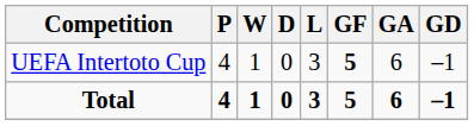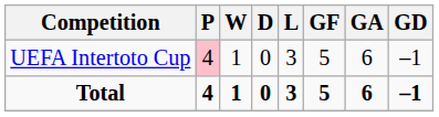 <table class="wikitable sortable" style="text-align:center">
 <tr>
 <th>Competition</th>
 <th>P</th>
 <th>W</th>
 <th>D</th>
 <th>L</th>
 <th>GF</th>
 <th>GA</th>
 <th>GD</th>
 </tr>
 <tr>
 <td><a href='#'>UEFA Intertoto Cup</a></td>
-<td>4</td>
+<td style="background: pink;">4</td>
 <td>1</td>
 <td>0</td>
 <td>3</td>
-<td><strong>5</strong></td>
+<td>5</td>
 <td>6</td>
 <td>–1</td>
 </tr>
 <tr>
 <td><strong>Total</strong></td>
 <td><strong>4</strong></td>
 <td><strong>1</strong></td>
 <td><strong>0</strong></td>
 <td><strong>3</strong></td>
 <td><strong>5</strong></td>
 <td><strong>6</strong></td>
 <td><strong>–1</strong></td>
 </tr>
 <tr>
 </tr>
 </table>
